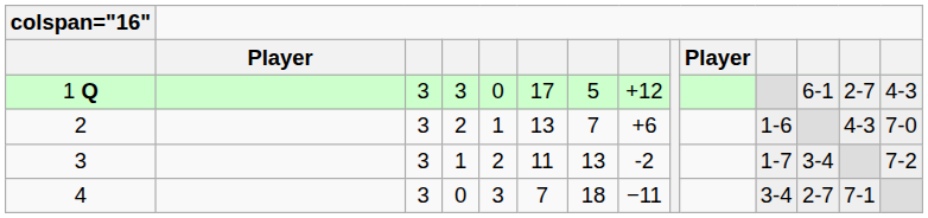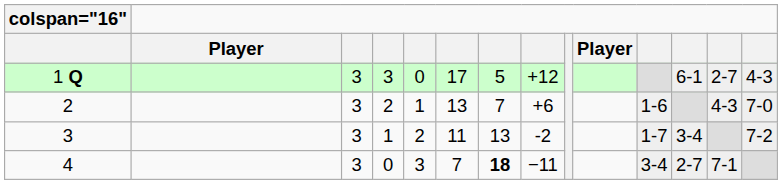 <table class=wikitable style=text-align:center>
 <tr>
 <th>colspan="16" </th>
 </tr>
 <tr>
 <th width=20 abbr=Position></th>
 <th width=175>Player</th>
 <th width=20 abbr=Played></th>
 <th width=20 abbr=Won></th>
 <th width=20 abbr=Lost></th>
 <th width=30 abbr=Points for></th>
 <th width=30 abbr=Points against></th>
 <th width=30 abbr=Points difference></th>
 <th rowspan="5" abbr=H2H></th>
 <th>Player</th>
 <th></th>
 <th></th>
 <th></th>
 <th></th>
 </tr>
 <tr bgcolor=#CCFFCC>
 <td>1 <strong>Q</strong></td>
 <td align=left></td>
 <td>3</td>
 <td>3</td>
 <td>0</td>
 <td>17</td>
 <td>5</td>
 <td>+12</td>
 <td></td>
 <td bgcolor="#dddddd"> </td>
 <td bgcolor="#efefef">6-1</td>
 <td bgcolor="#efefef">2-7</td>
 <td bgcolor="#efefef">4-3</td>
 </tr>
 <tr>
 <td>2  </td>
 <td align=left></td>
 <td>3</td>
 <td>2</td>
 <td>1</td>
 <td>13</td>
 <td>7</td>
 <td>+6</td>
 <td></td>
 <td bgcolor="#efefef">1-6</td>
 <td bgcolor="#dddddd"> </td>
 <td bgcolor="#efefef">4-3</td>
 <td bgcolor="#efefef">7-0</td>
 </tr>
 <tr>
 <td>3 </td>
 <td align=left></td>
 <td>3</td>
 <td>1</td>
 <td>2</td>
 <td>11</td>
 <td>13</td>
 <td>-2</td>
 <td></td>
 <td bgcolor="#efefef">1-7</td>
 <td bgcolor="#efefef">3-4</td>
 <td bgcolor="#dddddd"> </td>
 <td bgcolor="#efefef">7-2</td>
 </tr>
 <tr>
 <td>4 </td>
 <td align=left></td>
 <td>3</td>
 <td>0</td>
 <td>3</td>
 <td>7</td>
-<td>18</td>
+<td><strong>18</strong></td>
 <td>−11</td>
 <td></td>
 <td bgcolor="#efefef">3-4</td>
 <td bgcolor="#efefef">2-7</td>
 <td bgcolor="#efefef">7-1</td>
 <td bgcolor="#dddddd"> </td>
 </tr>
 </table>
